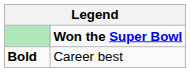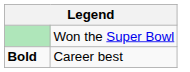 <table class="wikitable mw-collapsible">
 <tr>
 <th colspan="2">Legend</th>
 </tr>
 <tr>
 <td style="background:#afe6ba; width:3em;"></td>
-<td><strong>Won the <a href='#'>Super Bowl</a></strong></td>
+<td>Won the <a href='#'>Super Bowl</a></td>
 </tr>
 <tr>
 <td><strong>Bold</strong></td>
 <td>Career best</td>
 </tr>
 </table>
